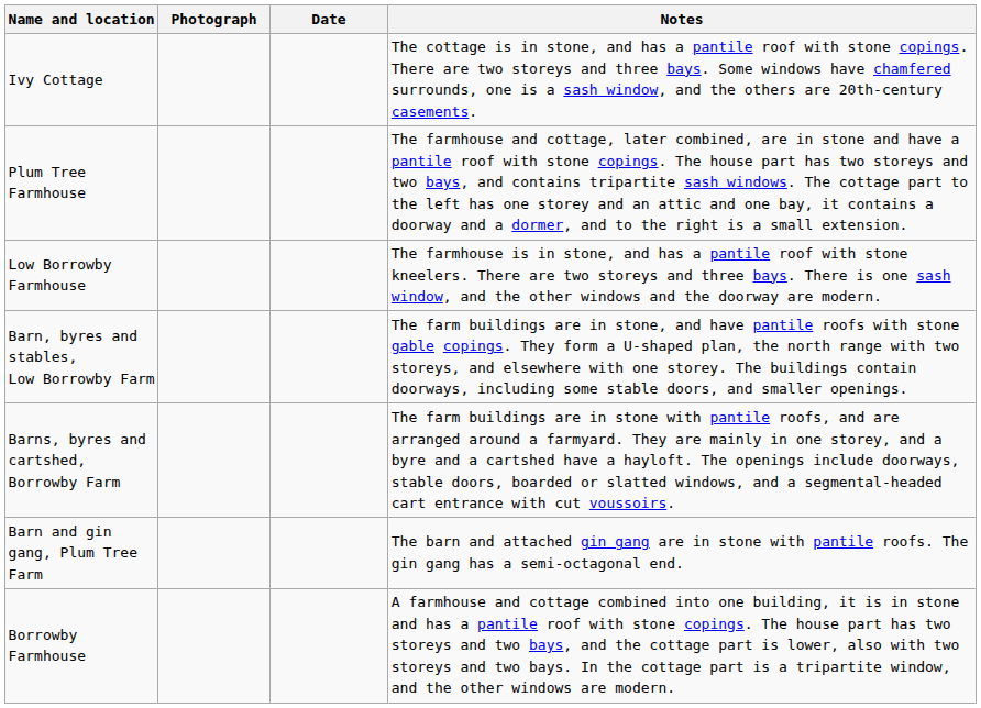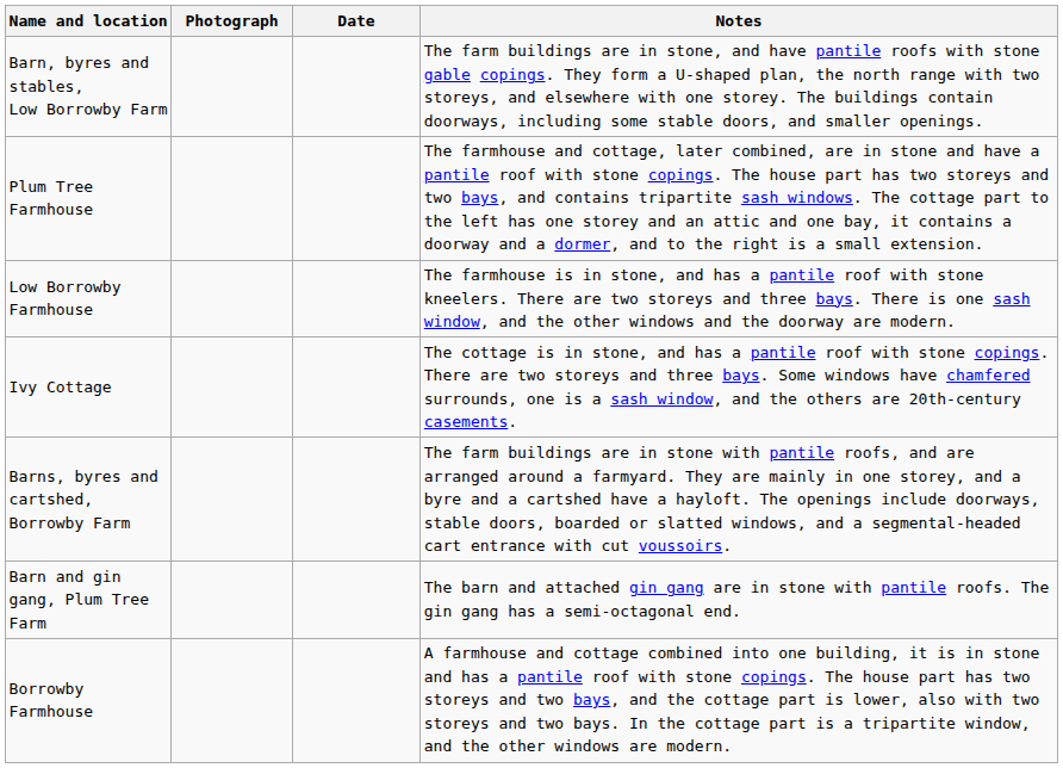 <table class="wikitable sortable plainrowheaders" style="width:100%;border:0px;text-align:left;line-height:150%;">
 <tr>
 <th scope="col"  style="width:150px">Name and location</th>
 <th scope="col"  style="width:100px" class="unsortable">Photograph</th>
 <th scope="col"  style="width:120px">Date</th>
 <th scope="col"  style="width:650px" class="unsortable">Notes</th>
 </tr>
 <tr>
-<td>Ivy Cottage<br><small></small></td>
+<td>Barn, byres and stables,<br>Low Borrowby Farm<br><small></small></td>
 <td></td>
 <td align="center"></td>
-<td>The cottage is in stone, and has a <a href='#'>pantile</a> roof with stone <a href='#'>copings</a>.  There are two storeys and three <a href='#'>bays</a>.  Some windows have <a href='#'>chamfered</a> surrounds, one is a <a href='#'>sash window</a>, and the others are 20th-century <a href='#'>casements</a>.</td>
+<td>The farm buildings are in stone, and have <a href='#'>pantile</a> roofs with stone <a href='#'>gable</a> <a href='#'>copings</a>. They form a U-shaped plan, the north range with two storeys, and elsewhere with one storey.  The buildings contain doorways, including some stable doors, and smaller openings.</td>
 </tr>
 <tr>
 <td>Plum Tree Farmhouse<br><small></small></td>
 <td></td>
 <td align="center"></td>
 <td>The farmhouse and cottage, later combined, are in stone and have a <a href='#'>pantile</a> roof with stone <a href='#'>copings</a>.  The house part has two storeys and two <a href='#'>bays</a>, and contains tripartite <a href='#'>sash windows</a>.  The cottage part to the left has one storey and an attic and one bay, it contains a doorway and a <a href='#'>dormer</a>, and to the right is a small extension.</td>
 </tr>
 <tr>
 <td>Low Borrowby Farmhouse<br><small></small></td>
 <td></td>
 <td align="center"></td>
 <td>The farmhouse is in stone, and has a <a href='#'>pantile</a> roof with stone kneelers.  There are two storeys and three <a href='#'>bays</a>. There is one <a href='#'>sash window</a>, and the other windows and the doorway are modern.</td>
 </tr>
 <tr>
-<td>Barn, byres and stables,<br>Low Borrowby Farm<br><small></small></td>
+<td>Ivy Cottage<br><small></small></td>
 <td></td>
 <td align="center"></td>
-<td>The farm buildings are in stone, and have <a href='#'>pantile</a> roofs with stone <a href='#'>gable</a> <a href='#'>copings</a>. They form a U-shaped plan, the north range with two storeys, and elsewhere with one storey.  The buildings contain doorways, including some stable doors, and smaller openings.</td>
+<td>The cottage is in stone, and has a <a href='#'>pantile</a> roof with stone <a href='#'>copings</a>.  There are two storeys and three <a href='#'>bays</a>.  Some windows have <a href='#'>chamfered</a> surrounds, one is a <a href='#'>sash window</a>, and the others are 20th-century <a href='#'>casements</a>.</td>
 </tr>
 <tr>
 <td>Barns, byres and cartshed,<br>Borrowby Farm<br><small></small></td>
 <td></td>
 <td align="center"></td>
 <td>The farm buildings are in stone with <a href='#'>pantile</a> roofs, and are arranged around a farmyard.  They are mainly in one storey, and a byre and a cartshed have a hayloft.  The openings include doorways, stable doors, boarded or slatted windows, and a segmental-headed cart entrance with cut <a href='#'>voussoirs</a>.</td>
 </tr>
 <tr>
 <td>Barn and gin gang, Plum Tree Farm<br><small></small></td>
 <td></td>
 <td align="center"></td>
 <td>The barn and attached <a href='#'>gin gang</a> are in stone with <a href='#'>pantile</a> roofs.  The gin gang has a semi-octagonal end.</td>
 </tr>
 <tr>
 <td>Borrowby Farmhouse<br><small></small></td>
 <td></td>
 <td align="center"></td>
 <td>A farmhouse and cottage combined into one building, it is in stone and has a <a href='#'>pantile</a> roof with stone <a href='#'>copings</a>.  The house part has two storeys and two <a href='#'>bays</a>, and the cottage part is lower, also with two storeys and two bays.  In the cottage part is a tripartite window, and the other windows are modern.</td>
 </tr>
 <tr>
 </tr>
 </table>
